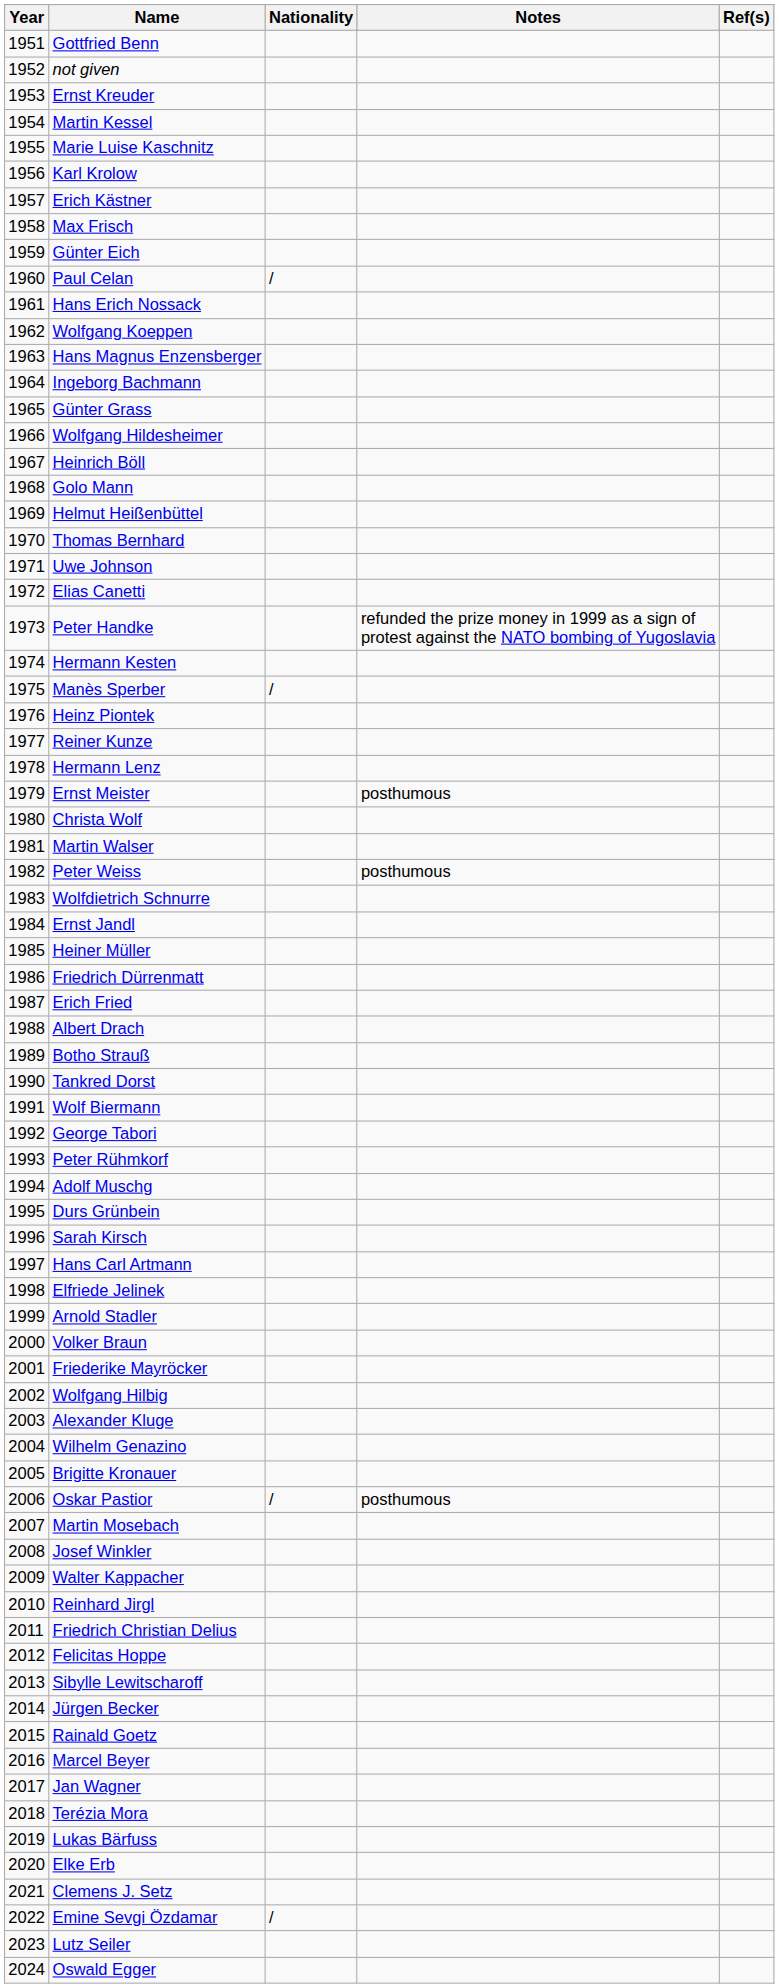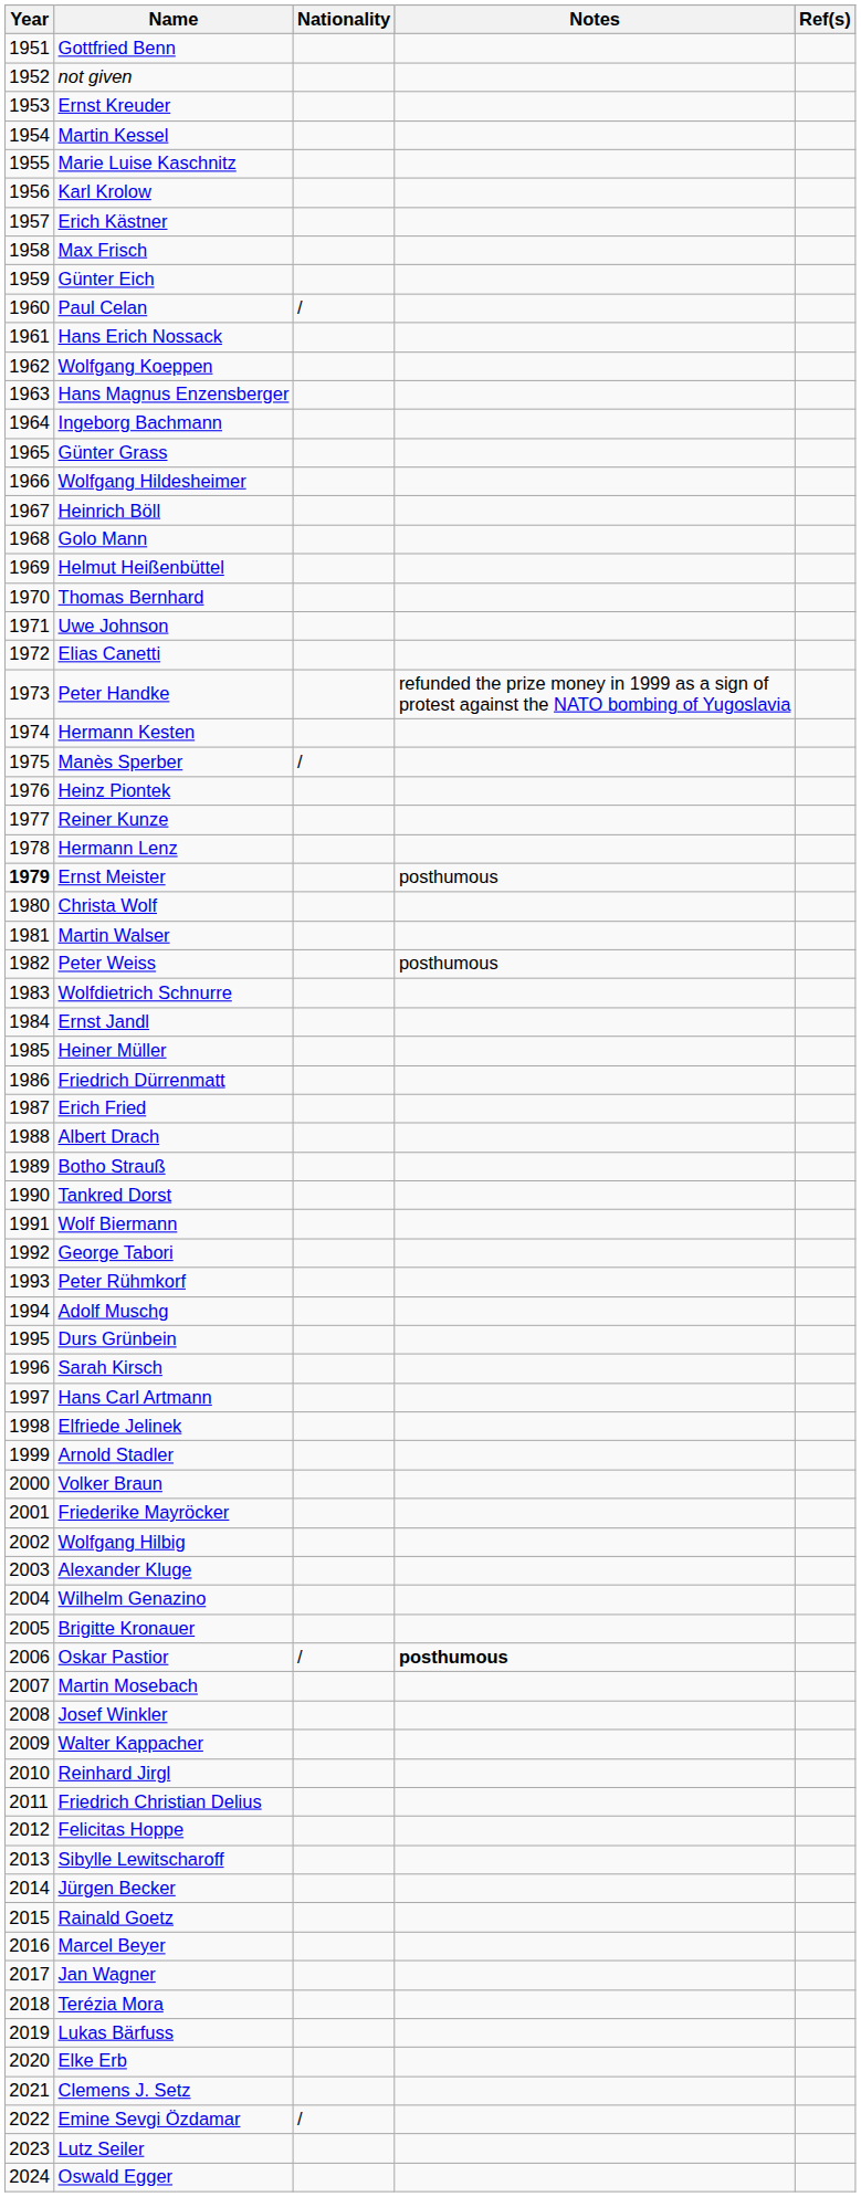 <table class="wikitable sortable">
 <tr bgcolor="#505050">
 <th>Year</th>
 <th>Name</th>
 <th>Nationality</th>
 <th>Notes</th>
 <th>Ref(s)</th>
 </tr>
 <tr>
 <td>1951</td>
 <td><a href='#'>Gottfried Benn</a></td>
 <td></td>
 <td></td>
 <td></td>
 </tr>
 <tr>
 <td>1952</td>
 <td><em>not given</em></td>
 <td></td>
 <td></td>
 <td></td>
 </tr>
 <tr>
 <td>1953</td>
 <td><a href='#'>Ernst Kreuder</a></td>
 <td></td>
 <td></td>
 <td></td>
 </tr>
 <tr>
 <td>1954</td>
 <td><a href='#'>Martin Kessel</a></td>
 <td></td>
 <td></td>
 <td></td>
 </tr>
 <tr>
 <td>1955</td>
 <td><a href='#'>Marie Luise Kaschnitz</a></td>
 <td></td>
 <td></td>
 <td></td>
 </tr>
 <tr>
 <td>1956</td>
 <td><a href='#'>Karl Krolow</a></td>
 <td></td>
 <td></td>
 <td></td>
 </tr>
 <tr>
 <td>1957</td>
 <td><a href='#'>Erich Kästner</a></td>
 <td></td>
 <td></td>
 <td></td>
 </tr>
 <tr>
 <td>1958</td>
 <td><a href='#'>Max Frisch</a></td>
 <td></td>
 <td></td>
 <td></td>
 </tr>
 <tr>
 <td>1959</td>
 <td><a href='#'>Günter Eich</a></td>
 <td></td>
 <td></td>
 <td></td>
 </tr>
 <tr>
 <td>1960</td>
 <td><a href='#'>Paul Celan</a></td>
 <td> / </td>
 <td></td>
 <td></td>
 </tr>
 <tr>
 <td>1961</td>
 <td><a href='#'>Hans Erich Nossack</a></td>
 <td></td>
 <td></td>
 <td></td>
 </tr>
 <tr>
 <td>1962</td>
 <td><a href='#'>Wolfgang Koeppen</a></td>
 <td></td>
 <td></td>
 <td></td>
 </tr>
 <tr>
 <td>1963</td>
 <td><a href='#'>Hans Magnus Enzensberger</a></td>
 <td></td>
 <td></td>
 <td></td>
 </tr>
 <tr>
 <td>1964</td>
 <td><a href='#'>Ingeborg Bachmann</a></td>
 <td></td>
 <td></td>
 <td></td>
 </tr>
 <tr>
 <td>1965</td>
 <td><a href='#'>Günter Grass</a></td>
 <td></td>
 <td></td>
 <td></td>
 </tr>
 <tr>
 <td>1966</td>
 <td><a href='#'>Wolfgang Hildesheimer</a></td>
 <td></td>
 <td></td>
 <td></td>
 </tr>
 <tr>
 <td>1967</td>
 <td><a href='#'>Heinrich Böll</a></td>
 <td></td>
 <td></td>
 <td></td>
 </tr>
 <tr>
 <td>1968</td>
 <td><a href='#'>Golo Mann</a></td>
 <td></td>
 <td></td>
 <td></td>
 </tr>
 <tr>
 <td>1969</td>
 <td><a href='#'>Helmut Heißenbüttel</a></td>
 <td></td>
 <td></td>
 <td></td>
 </tr>
 <tr>
 <td>1970</td>
 <td><a href='#'>Thomas Bernhard</a></td>
 <td></td>
 <td></td>
 <td></td>
 </tr>
 <tr>
 <td>1971</td>
 <td><a href='#'>Uwe Johnson</a></td>
 <td></td>
 <td></td>
 <td></td>
 </tr>
 <tr>
 <td>1972</td>
 <td><a href='#'>Elias Canetti</a></td>
 <td></td>
 <td></td>
 <td></td>
 </tr>
 <tr>
 <td>1973</td>
 <td><a href='#'>Peter Handke</a></td>
 <td></td>
 <td>refunded the prize money in 1999 as a sign of<br> protest against the <a href='#'>NATO bombing of Yugoslavia</a></td>
 <td></td>
 </tr>
 <tr>
 <td>1974</td>
 <td><a href='#'>Hermann Kesten</a></td>
 <td></td>
 <td></td>
 <td></td>
 </tr>
 <tr>
 <td>1975</td>
 <td><a href='#'>Manès Sperber</a></td>
 <td> / </td>
 <td></td>
 <td></td>
 </tr>
 <tr>
 <td>1976</td>
 <td><a href='#'>Heinz Piontek</a></td>
 <td></td>
 <td></td>
 <td></td>
 </tr>
 <tr>
 <td>1977</td>
 <td><a href='#'>Reiner Kunze</a></td>
 <td></td>
 <td></td>
 <td></td>
 </tr>
 <tr>
 <td>1978</td>
 <td><a href='#'>Hermann Lenz</a></td>
 <td></td>
 <td></td>
 <td></td>
 </tr>
 <tr>
-<td>1979</td>
+<td><strong>1979</strong></td>
 <td><a href='#'>Ernst Meister</a></td>
 <td></td>
 <td>posthumous</td>
 <td></td>
 </tr>
 <tr>
 <td>1980</td>
 <td><a href='#'>Christa Wolf</a></td>
 <td></td>
 <td></td>
 <td></td>
 </tr>
 <tr>
 <td>1981</td>
 <td><a href='#'>Martin Walser</a></td>
 <td></td>
 <td></td>
 <td></td>
 </tr>
 <tr>
 <td>1982</td>
 <td><a href='#'>Peter Weiss</a></td>
 <td></td>
 <td>posthumous</td>
 <td></td>
 </tr>
 <tr>
 <td>1983</td>
 <td><a href='#'>Wolfdietrich Schnurre</a></td>
 <td></td>
 <td></td>
 <td></td>
 </tr>
 <tr>
 <td>1984</td>
 <td><a href='#'>Ernst Jandl</a></td>
 <td></td>
 <td></td>
 <td></td>
 </tr>
 <tr>
 <td>1985</td>
 <td><a href='#'>Heiner Müller</a></td>
 <td></td>
 <td></td>
 <td></td>
 </tr>
 <tr>
 <td>1986</td>
 <td><a href='#'>Friedrich Dürrenmatt</a></td>
 <td></td>
 <td></td>
 <td></td>
 </tr>
 <tr>
 <td>1987</td>
 <td><a href='#'>Erich Fried</a></td>
 <td></td>
 <td></td>
 <td></td>
 </tr>
 <tr>
 <td>1988</td>
 <td><a href='#'>Albert Drach</a></td>
 <td></td>
 <td></td>
 <td></td>
 </tr>
 <tr>
 <td>1989</td>
 <td><a href='#'>Botho Strauß</a></td>
 <td></td>
 <td></td>
 <td></td>
 </tr>
 <tr>
 <td>1990</td>
 <td><a href='#'>Tankred Dorst</a></td>
 <td></td>
 <td></td>
 <td></td>
 </tr>
 <tr>
 <td>1991</td>
 <td><a href='#'>Wolf Biermann</a></td>
 <td></td>
 <td></td>
 <td></td>
 </tr>
 <tr>
 <td>1992</td>
 <td><a href='#'>George Tabori</a></td>
 <td></td>
 <td></td>
 <td></td>
 </tr>
 <tr>
 <td>1993</td>
 <td><a href='#'>Peter Rühmkorf</a></td>
 <td></td>
 <td></td>
 <td></td>
 </tr>
 <tr>
 <td>1994</td>
 <td><a href='#'>Adolf Muschg</a></td>
 <td></td>
 <td></td>
 <td></td>
 </tr>
 <tr>
 <td>1995</td>
 <td><a href='#'>Durs Grünbein</a></td>
 <td></td>
 <td></td>
 <td></td>
 </tr>
 <tr>
 <td>1996</td>
 <td><a href='#'>Sarah Kirsch</a></td>
 <td></td>
 <td></td>
 <td></td>
 </tr>
 <tr>
 <td>1997</td>
 <td><a href='#'>Hans Carl Artmann</a></td>
 <td></td>
 <td></td>
 <td></td>
 </tr>
 <tr>
 <td>1998</td>
 <td><a href='#'>Elfriede Jelinek</a></td>
 <td></td>
 <td></td>
 <td></td>
 </tr>
 <tr>
 <td>1999</td>
 <td><a href='#'>Arnold Stadler</a></td>
 <td></td>
 <td></td>
 <td></td>
 </tr>
 <tr>
 <td>2000</td>
 <td><a href='#'>Volker Braun</a></td>
 <td></td>
 <td></td>
 <td></td>
 </tr>
 <tr>
 <td>2001</td>
 <td><a href='#'>Friederike Mayröcker</a></td>
 <td></td>
 <td></td>
 <td></td>
 </tr>
 <tr>
 <td>2002</td>
 <td><a href='#'>Wolfgang Hilbig</a></td>
 <td></td>
 <td></td>
 <td></td>
 </tr>
 <tr>
 <td>2003</td>
 <td><a href='#'>Alexander Kluge</a></td>
 <td></td>
 <td></td>
 <td></td>
 </tr>
 <tr>
 <td>2004</td>
 <td><a href='#'>Wilhelm Genazino</a></td>
 <td></td>
 <td></td>
 <td></td>
 </tr>
 <tr>
 <td>2005</td>
 <td><a href='#'>Brigitte Kronauer</a></td>
 <td></td>
 <td></td>
 <td></td>
 </tr>
 <tr>
 <td>2006</td>
 <td><a href='#'>Oskar Pastior</a></td>
 <td> / </td>
-<td>posthumous</td>
+<td><strong>posthumous</strong></td>
 <td></td>
 </tr>
 <tr>
 <td>2007</td>
 <td><a href='#'>Martin Mosebach</a></td>
 <td></td>
 <td></td>
 <td></td>
 </tr>
 <tr>
 <td>2008</td>
 <td><a href='#'>Josef Winkler</a></td>
 <td></td>
 <td></td>
 <td></td>
 </tr>
 <tr>
 <td>2009</td>
 <td><a href='#'>Walter Kappacher</a></td>
 <td></td>
 <td></td>
 <td></td>
 </tr>
 <tr>
 <td>2010</td>
 <td><a href='#'>Reinhard Jirgl</a></td>
 <td></td>
 <td></td>
 <td></td>
 </tr>
 <tr>
 <td>2011</td>
 <td><a href='#'>Friedrich Christian Delius</a></td>
 <td></td>
 <td></td>
 <td></td>
 </tr>
 <tr>
 <td>2012</td>
 <td><a href='#'>Felicitas Hoppe</a></td>
 <td></td>
 <td></td>
 <td></td>
 </tr>
 <tr>
 <td>2013</td>
 <td><a href='#'>Sibylle Lewitscharoff</a></td>
 <td></td>
 <td></td>
 <td></td>
 </tr>
 <tr>
 <td>2014</td>
 <td><a href='#'>Jürgen Becker</a></td>
 <td></td>
 <td></td>
 <td></td>
 </tr>
 <tr>
 <td>2015</td>
 <td><a href='#'>Rainald Goetz</a></td>
 <td></td>
 <td></td>
 <td></td>
 </tr>
 <tr>
 <td>2016</td>
 <td><a href='#'>Marcel Beyer</a></td>
 <td></td>
 <td></td>
 <td></td>
 </tr>
 <tr>
 <td>2017</td>
 <td><a href='#'>Jan Wagner</a></td>
 <td></td>
 <td></td>
 <td></td>
 </tr>
 <tr>
 <td>2018</td>
 <td><a href='#'>Terézia Mora</a></td>
 <td></td>
 <td></td>
 <td></td>
 </tr>
 <tr>
 <td>2019</td>
 <td><a href='#'>Lukas Bärfuss</a></td>
 <td></td>
 <td></td>
 <td></td>
 </tr>
 <tr>
 <td>2020</td>
 <td><a href='#'>Elke Erb</a></td>
 <td></td>
 <td></td>
 <td></td>
 </tr>
 <tr>
 <td>2021</td>
 <td><a href='#'>Clemens J. Setz</a></td>
 <td></td>
 <td></td>
 <td></td>
 </tr>
 <tr>
 <td>2022</td>
 <td><a href='#'>Emine Sevgi Özdamar</a></td>
 <td> / </td>
 <td></td>
 <td></td>
 </tr>
 <tr>
 <td>2023</td>
 <td><a href='#'>Lutz Seiler</a></td>
 <td></td>
 <td></td>
 <td></td>
 </tr>
 <tr>
 <td>2024</td>
 <td><a href='#'>Oswald Egger</a></td>
 <td></td>
 <td></td>
 <td></td>
 </tr>
 </table>
